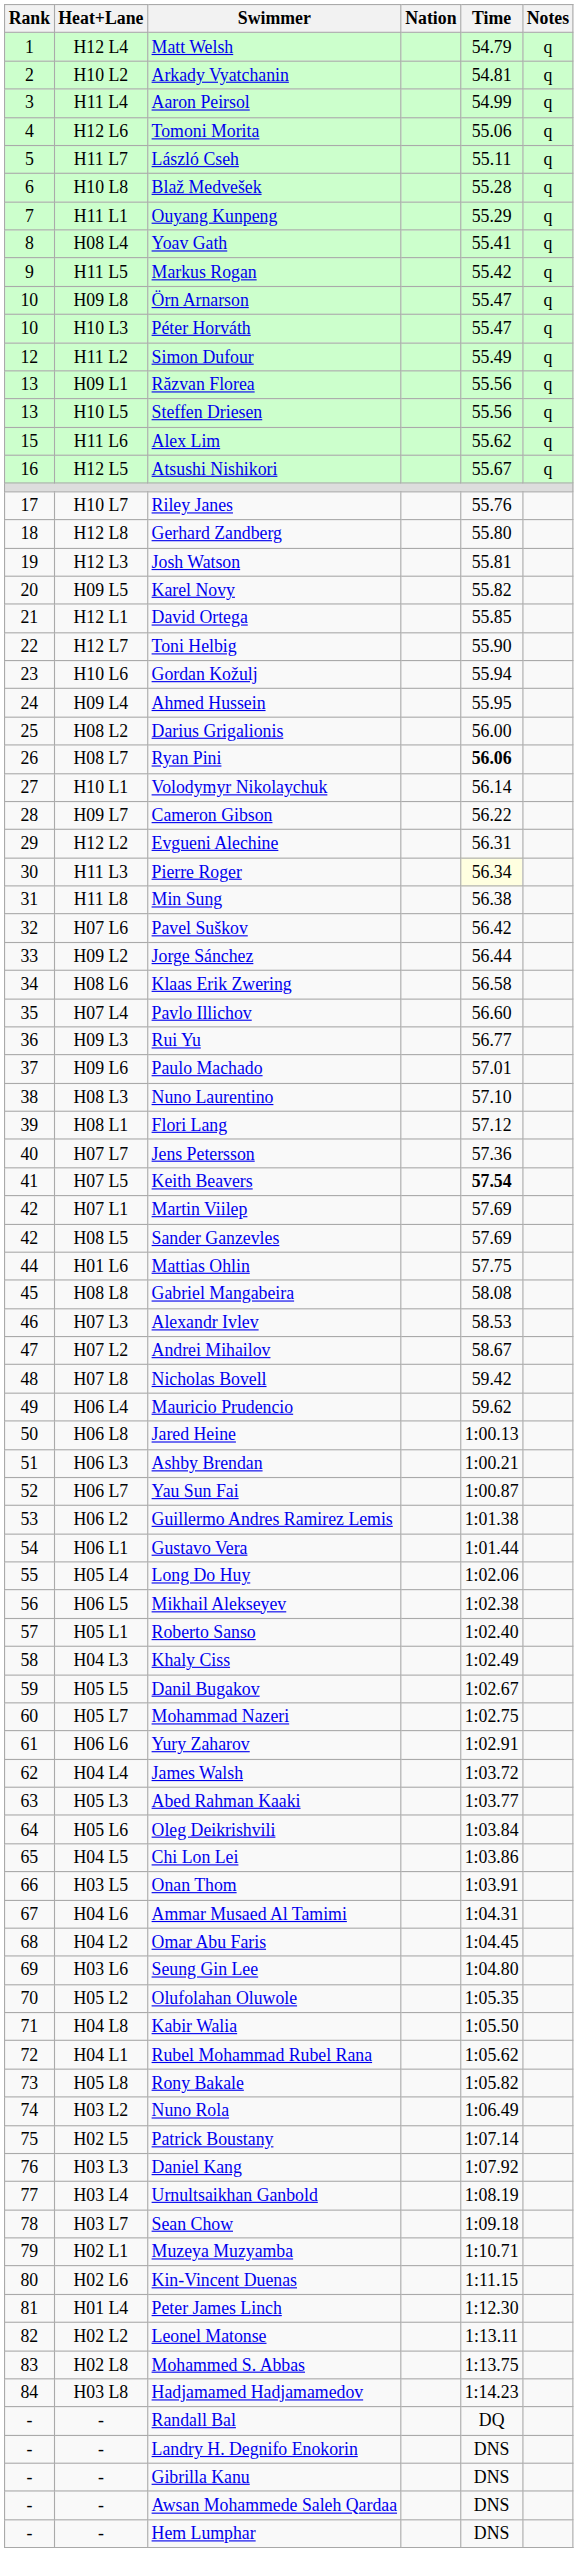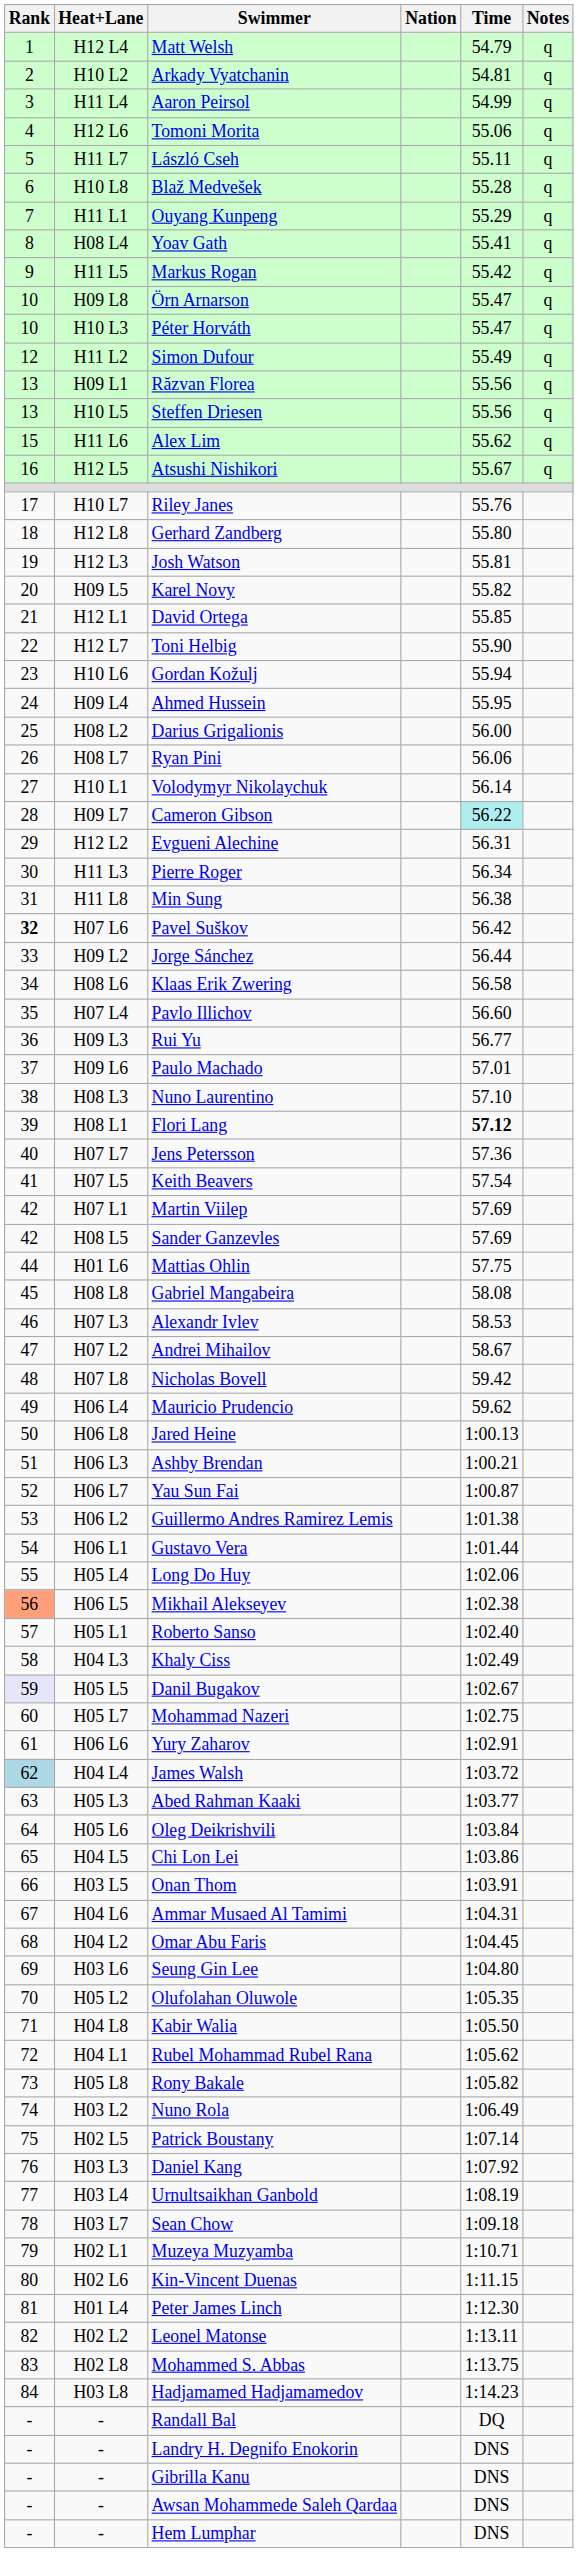 <table class="wikitable sortable" style="text-align:center">
 <tr>
 <th>Rank</th>
 <th>Heat+Lane</th>
 <th>Swimmer</th>
 <th>Nation</th>
 <th>Time</th>
 <th>Notes</th>
 </tr>
 <tr bgcolor=ccffcc>
 <td>1</td>
 <td>H12 L4</td>
 <td align=left><a href='#'>Matt Welsh</a></td>
 <td align=left></td>
 <td>54.79</td>
 <td>q</td>
 </tr>
 <tr bgcolor=ccffcc>
 <td>2</td>
 <td>H10 L2</td>
 <td align=left><a href='#'>Arkady Vyatchanin</a></td>
 <td align=left></td>
 <td>54.81</td>
 <td>q</td>
 </tr>
 <tr bgcolor=ccffcc>
 <td>3</td>
 <td>H11 L4</td>
 <td align=left><a href='#'>Aaron Peirsol</a></td>
 <td align=left></td>
 <td>54.99</td>
 <td>q</td>
 </tr>
 <tr bgcolor=ccffcc>
 <td>4</td>
 <td>H12 L6</td>
 <td align=left><a href='#'>Tomoni Morita</a></td>
 <td align=left></td>
 <td>55.06</td>
 <td>q</td>
 </tr>
 <tr bgcolor=ccffcc>
 <td>5</td>
 <td>H11 L7</td>
 <td align=left><a href='#'>László Cseh</a></td>
 <td align=left></td>
 <td>55.11</td>
 <td>q</td>
 </tr>
 <tr bgcolor=ccffcc>
 <td>6</td>
 <td>H10 L8</td>
 <td align=left><a href='#'>Blaž Medvešek</a></td>
 <td align=left></td>
 <td>55.28</td>
 <td>q</td>
 </tr>
 <tr bgcolor=ccffcc>
 <td>7</td>
 <td>H11 L1</td>
 <td align=left><a href='#'>Ouyang Kunpeng</a></td>
 <td align=left></td>
 <td>55.29</td>
 <td>q</td>
 </tr>
 <tr bgcolor=ccffcc>
 <td>8</td>
 <td>H08 L4</td>
 <td align=left><a href='#'>Yoav Gath</a></td>
 <td align=left></td>
 <td>55.41</td>
 <td>q</td>
 </tr>
 <tr bgcolor=ccffcc>
 <td>9</td>
 <td>H11 L5</td>
 <td align=left><a href='#'>Markus Rogan</a></td>
 <td align=left></td>
 <td>55.42</td>
 <td>q</td>
 </tr>
 <tr bgcolor=ccffcc>
 <td>10</td>
 <td>H09 L8</td>
 <td align=left><a href='#'>Örn Arnarson</a></td>
 <td align=left></td>
 <td>55.47</td>
 <td>q</td>
 </tr>
 <tr bgcolor=ccffcc>
 <td>10</td>
 <td>H10 L3</td>
 <td align=left><a href='#'>Péter Horváth</a></td>
 <td align=left></td>
 <td>55.47</td>
 <td>q</td>
 </tr>
 <tr bgcolor=ccffcc>
 <td>12</td>
 <td>H11 L2</td>
 <td align=left><a href='#'>Simon Dufour</a></td>
 <td align=left></td>
 <td>55.49</td>
 <td>q</td>
 </tr>
 <tr bgcolor=ccffcc>
 <td>13</td>
 <td>H09 L1</td>
 <td align=left><a href='#'>Răzvan Florea</a></td>
 <td align=left></td>
 <td>55.56</td>
 <td>q</td>
 </tr>
 <tr bgcolor=ccffcc>
 <td>13</td>
 <td>H10 L5</td>
 <td align=left><a href='#'>Steffen Driesen</a></td>
 <td align=left></td>
 <td>55.56</td>
 <td>q</td>
 </tr>
 <tr bgcolor=ccffcc>
 <td>15</td>
 <td>H11 L6</td>
 <td align=left><a href='#'>Alex Lim</a></td>
 <td align=left></td>
 <td>55.62</td>
 <td>q</td>
 </tr>
 <tr bgcolor=ccffcc>
 <td>16</td>
 <td>H12 L5</td>
 <td align=left><a href='#'>Atsushi Nishikori</a></td>
 <td align=left></td>
 <td>55.67</td>
 <td>q</td>
 </tr>
 <tr bgcolor=#DDDDDD>
 <td colspan=6></td>
 </tr>
 <tr>
 <td>17</td>
 <td>H10 L7</td>
 <td align=left><a href='#'>Riley Janes</a></td>
 <td align=left></td>
 <td>55.76</td>
 <td></td>
 </tr>
 <tr>
 <td>18</td>
 <td>H12 L8</td>
 <td align=left><a href='#'>Gerhard Zandberg</a></td>
 <td align=left></td>
 <td>55.80</td>
 <td></td>
 </tr>
 <tr>
 <td>19</td>
 <td>H12 L3</td>
 <td align=left><a href='#'>Josh Watson</a></td>
 <td align=left></td>
 <td>55.81</td>
 <td></td>
 </tr>
 <tr>
 <td>20</td>
 <td>H09 L5</td>
 <td align=left><a href='#'>Karel Novy</a></td>
 <td align=left></td>
 <td>55.82</td>
 <td></td>
 </tr>
 <tr>
 <td>21</td>
 <td>H12 L1</td>
 <td align=left><a href='#'>David Ortega</a></td>
 <td align=left></td>
 <td>55.85</td>
 <td></td>
 </tr>
 <tr>
 <td>22</td>
 <td>H12 L7</td>
 <td align=left><a href='#'>Toni Helbig</a></td>
 <td align=left></td>
 <td>55.90</td>
 <td></td>
 </tr>
 <tr>
 <td>23</td>
 <td>H10 L6</td>
 <td align=left><a href='#'>Gordan Kožulj</a></td>
 <td align=left></td>
 <td>55.94</td>
 <td></td>
 </tr>
 <tr>
 <td>24</td>
 <td>H09 L4</td>
 <td align=left><a href='#'>Ahmed Hussein</a></td>
 <td align=left></td>
 <td>55.95</td>
 <td></td>
 </tr>
 <tr>
 <td>25</td>
 <td>H08 L2</td>
 <td align=left><a href='#'>Darius Grigalionis</a></td>
 <td align=left></td>
 <td>56.00</td>
 <td></td>
 </tr>
 <tr>
 <td>26</td>
 <td>H08 L7</td>
 <td align=left><a href='#'>Ryan Pini</a></td>
 <td align=left></td>
-<td><strong>56.06</strong></td>
+<td>56.06</td>
 <td></td>
 </tr>
 <tr>
 <td>27</td>
 <td>H10 L1</td>
 <td align=left><a href='#'>Volodymyr Nikolaychuk</a></td>
 <td align=left></td>
 <td>56.14</td>
 <td></td>
 </tr>
 <tr>
 <td>28</td>
 <td>H09 L7</td>
 <td align=left><a href='#'>Cameron Gibson</a></td>
 <td align=left></td>
-<td>56.22</td>
+<td style="background: paleturquoise;">56.22</td>
 <td></td>
 </tr>
 <tr>
 <td>29</td>
 <td>H12 L2</td>
 <td align=left><a href='#'>Evgueni Alechine</a></td>
 <td align=left></td>
 <td>56.31</td>
 <td></td>
 </tr>
 <tr>
 <td>30</td>
 <td>H11 L3</td>
 <td align=left><a href='#'>Pierre Roger</a></td>
 <td align=left></td>
-<td style="background: lightyellow;">56.34</td>
+<td>56.34</td>
 <td></td>
 </tr>
 <tr>
 <td>31</td>
 <td>H11 L8</td>
 <td align=left><a href='#'>Min Sung</a></td>
 <td align=left></td>
 <td>56.38</td>
 <td></td>
 </tr>
 <tr>
-<td>32</td>
+<td><strong>32</strong></td>
 <td>H07 L6</td>
 <td align=left><a href='#'>Pavel Suškov</a></td>
 <td align=left></td>
 <td>56.42</td>
 <td></td>
 </tr>
 <tr>
 <td>33</td>
 <td>H09 L2</td>
 <td align=left><a href='#'>Jorge Sánchez</a></td>
 <td align=left></td>
 <td>56.44</td>
 <td></td>
 </tr>
 <tr>
 <td>34</td>
 <td>H08 L6</td>
 <td align=left><a href='#'>Klaas Erik Zwering</a></td>
 <td align=left></td>
 <td>56.58</td>
 <td></td>
 </tr>
 <tr>
 <td>35</td>
 <td>H07 L4</td>
 <td align=left><a href='#'>Pavlo Illichov</a></td>
 <td align=left></td>
 <td>56.60</td>
 <td></td>
 </tr>
 <tr>
 <td>36</td>
 <td>H09 L3</td>
 <td align=left><a href='#'>Rui Yu</a></td>
 <td align=left></td>
 <td>56.77</td>
 <td></td>
 </tr>
 <tr>
 <td>37</td>
 <td>H09 L6</td>
 <td align=left><a href='#'>Paulo Machado</a></td>
 <td align=left></td>
 <td>57.01</td>
 <td></td>
 </tr>
 <tr>
 <td>38</td>
 <td>H08 L3</td>
 <td align=left><a href='#'>Nuno Laurentino</a></td>
 <td align=left></td>
 <td>57.10</td>
 <td></td>
 </tr>
 <tr>
 <td>39</td>
 <td>H08 L1</td>
 <td align=left><a href='#'>Flori Lang</a></td>
 <td align=left></td>
-<td>57.12</td>
+<td><strong>57.12</strong></td>
 <td></td>
 </tr>
 <tr>
 <td>40</td>
 <td>H07 L7</td>
 <td align=left><a href='#'>Jens Petersson</a></td>
 <td align=left></td>
 <td>57.36</td>
 <td></td>
 </tr>
 <tr>
 <td>41</td>
 <td>H07 L5</td>
 <td align=left><a href='#'>Keith Beavers</a></td>
 <td align=left></td>
-<td><strong>57.54</strong></td>
+<td>57.54</td>
 <td></td>
 </tr>
 <tr>
 <td>42</td>
 <td>H07 L1</td>
 <td align=left><a href='#'>Martin Viilep</a></td>
 <td align=left></td>
 <td>57.69</td>
 <td></td>
 </tr>
 <tr>
 <td>42</td>
 <td>H08 L5</td>
 <td align=left><a href='#'>Sander Ganzevles</a></td>
 <td align=left></td>
 <td>57.69</td>
 <td></td>
 </tr>
 <tr>
 <td>44</td>
 <td>H01 L6</td>
 <td align=left><a href='#'>Mattias Ohlin</a></td>
 <td align=left></td>
 <td>57.75</td>
 <td></td>
 </tr>
 <tr>
 <td>45</td>
 <td>H08 L8</td>
 <td align=left><a href='#'>Gabriel Mangabeira</a></td>
 <td align=left></td>
 <td>58.08</td>
 <td></td>
 </tr>
 <tr>
 <td>46</td>
 <td>H07 L3</td>
 <td align=left><a href='#'>Alexandr Ivlev</a></td>
 <td align=left></td>
 <td>58.53</td>
 <td></td>
 </tr>
 <tr>
 <td>47</td>
 <td>H07 L2</td>
 <td align=left><a href='#'>Andrei Mihailov</a></td>
 <td align=left></td>
 <td>58.67</td>
 <td></td>
 </tr>
 <tr>
 <td>48</td>
 <td>H07 L8</td>
 <td align=left><a href='#'>Nicholas Bovell</a></td>
 <td align=left></td>
 <td>59.42</td>
 <td></td>
 </tr>
 <tr>
 <td>49</td>
 <td>H06 L4</td>
 <td align=left><a href='#'>Mauricio Prudencio</a></td>
 <td align=left></td>
 <td>59.62</td>
 <td></td>
 </tr>
 <tr>
 <td>50</td>
 <td>H06 L8</td>
 <td align=left><a href='#'>Jared Heine</a></td>
 <td align=left></td>
 <td>1:00.13</td>
 <td></td>
 </tr>
 <tr>
 <td>51</td>
 <td>H06 L3</td>
 <td align=left><a href='#'>Ashby Brendan</a></td>
 <td align=left></td>
 <td>1:00.21</td>
 <td></td>
 </tr>
 <tr>
 <td>52</td>
 <td>H06 L7</td>
 <td align=left><a href='#'>Yau Sun Fai</a></td>
 <td align=left></td>
 <td>1:00.87</td>
 <td></td>
 </tr>
 <tr>
 <td>53</td>
 <td>H06 L2</td>
 <td align=left><a href='#'>Guillermo Andres Ramirez Lemis</a></td>
 <td align=left></td>
 <td>1:01.38</td>
 <td></td>
 </tr>
 <tr>
 <td>54</td>
 <td>H06 L1</td>
 <td align=left><a href='#'>Gustavo Vera</a></td>
 <td align=left></td>
 <td>1:01.44</td>
 <td></td>
 </tr>
 <tr>
 <td>55</td>
 <td>H05 L4</td>
 <td align=left><a href='#'>Long Do Huy</a></td>
 <td align=left></td>
 <td>1:02.06</td>
 <td></td>
 </tr>
 <tr>
-<td>56</td>
+<td style="background: lightsalmon;">56</td>
 <td>H06 L5</td>
 <td align=left><a href='#'>Mikhail Alekseyev</a></td>
 <td align=left></td>
 <td>1:02.38</td>
 <td></td>
 </tr>
 <tr>
 <td>57</td>
 <td>H05 L1</td>
 <td align=left><a href='#'>Roberto Sanso</a></td>
 <td align=left></td>
 <td>1:02.40</td>
 <td></td>
 </tr>
 <tr>
 <td>58</td>
 <td>H04 L3</td>
 <td align=left><a href='#'>Khaly Ciss</a></td>
 <td align=left></td>
 <td>1:02.49</td>
 <td></td>
 </tr>
 <tr>
-<td>59</td>
+<td style="background: lavender;">59</td>
 <td>H05 L5</td>
 <td align=left><a href='#'>Danil Bugakov</a></td>
 <td align=left></td>
 <td>1:02.67</td>
 <td></td>
 </tr>
 <tr>
 <td>60</td>
 <td>H05 L7</td>
 <td align=left><a href='#'>Mohammad Nazeri</a></td>
 <td align=left></td>
 <td>1:02.75</td>
 <td></td>
 </tr>
 <tr>
 <td>61</td>
 <td>H06 L6</td>
 <td align=left><a href='#'>Yury Zaharov</a></td>
 <td align=left></td>
 <td>1:02.91</td>
 <td></td>
 </tr>
 <tr>
-<td>62</td>
+<td style="background: lightblue;">62</td>
 <td>H04 L4</td>
 <td align=left><a href='#'>James Walsh</a></td>
 <td align=left></td>
 <td>1:03.72</td>
 <td></td>
 </tr>
 <tr>
 <td>63</td>
 <td>H05 L3</td>
 <td align=left><a href='#'>Abed Rahman Kaaki</a></td>
 <td align=left></td>
 <td>1:03.77</td>
 <td></td>
 </tr>
 <tr>
 <td>64</td>
 <td>H05 L6</td>
 <td align=left><a href='#'>Oleg Deikrishvili</a></td>
 <td align=left></td>
 <td>1:03.84</td>
 <td></td>
 </tr>
 <tr>
 <td>65</td>
 <td>H04 L5</td>
 <td align=left><a href='#'>Chi Lon Lei</a></td>
 <td align=left></td>
 <td>1:03.86</td>
 <td></td>
 </tr>
 <tr>
 <td>66</td>
 <td>H03 L5</td>
 <td align=left><a href='#'>Onan Thom</a></td>
 <td align=left></td>
 <td>1:03.91</td>
 <td></td>
 </tr>
 <tr>
 <td>67</td>
 <td>H04 L6</td>
 <td align=left><a href='#'>Ammar Musaed Al Tamimi</a></td>
 <td align=left></td>
 <td>1:04.31</td>
 <td></td>
 </tr>
 <tr>
 <td>68</td>
 <td>H04 L2</td>
 <td align=left><a href='#'>Omar Abu Faris</a></td>
 <td align=left></td>
 <td>1:04.45</td>
 <td></td>
 </tr>
 <tr>
 <td>69</td>
 <td>H03 L6</td>
 <td align=left><a href='#'>Seung Gin Lee</a></td>
 <td align=left></td>
 <td>1:04.80</td>
 <td></td>
 </tr>
 <tr>
 <td>70</td>
 <td>H05 L2</td>
 <td align=left><a href='#'>Olufolahan Oluwole</a></td>
 <td align=left></td>
 <td>1:05.35</td>
 <td></td>
 </tr>
 <tr>
 <td>71</td>
 <td>H04 L8</td>
 <td align=left><a href='#'>Kabir Walia</a></td>
 <td align=left></td>
 <td>1:05.50</td>
 <td></td>
 </tr>
 <tr>
 <td>72</td>
 <td>H04 L1</td>
 <td align=left><a href='#'>Rubel Mohammad Rubel Rana</a></td>
 <td align=left></td>
 <td>1:05.62</td>
 <td></td>
 </tr>
 <tr>
 <td>73</td>
 <td>H05 L8</td>
 <td align=left><a href='#'>Rony Bakale</a></td>
 <td align=left></td>
 <td>1:05.82</td>
 <td></td>
 </tr>
 <tr>
 <td>74</td>
 <td>H03 L2</td>
 <td align=left><a href='#'>Nuno Rola</a></td>
 <td align=left></td>
 <td>1:06.49</td>
 <td></td>
 </tr>
 <tr>
 <td>75</td>
 <td>H02 L5</td>
 <td align=left><a href='#'>Patrick Boustany</a></td>
 <td align=left></td>
 <td>1:07.14</td>
 <td></td>
 </tr>
 <tr>
 <td>76</td>
 <td>H03 L3</td>
 <td align=left><a href='#'>Daniel Kang</a></td>
 <td align=left></td>
 <td>1:07.92</td>
 <td></td>
 </tr>
 <tr>
 <td>77</td>
 <td>H03 L4</td>
 <td align=left><a href='#'>Urnultsaikhan Ganbold</a></td>
 <td align=left></td>
 <td>1:08.19</td>
 <td></td>
 </tr>
 <tr>
 <td>78</td>
 <td>H03 L7</td>
 <td align=left><a href='#'>Sean Chow</a></td>
 <td align=left></td>
 <td>1:09.18</td>
 <td></td>
 </tr>
 <tr>
 <td>79</td>
 <td>H02 L1</td>
 <td align=left><a href='#'>Muzeya Muzyamba</a></td>
 <td align=left></td>
 <td>1:10.71</td>
 <td></td>
 </tr>
 <tr>
 <td>80</td>
 <td>H02 L6</td>
 <td align=left><a href='#'>Kin-Vincent Duenas</a></td>
 <td align=left></td>
 <td>1:11.15</td>
 <td></td>
 </tr>
 <tr>
 <td>81</td>
 <td>H01 L4</td>
 <td align=left><a href='#'>Peter James Linch</a></td>
 <td align=left></td>
 <td>1:12.30</td>
 <td></td>
 </tr>
 <tr>
 <td>82</td>
 <td>H02 L2</td>
 <td align=left><a href='#'>Leonel Matonse</a></td>
 <td align=left></td>
 <td>1:13.11</td>
 <td></td>
 </tr>
 <tr>
 <td>83</td>
 <td>H02 L8</td>
 <td align=left><a href='#'>Mohammed S. Abbas</a></td>
 <td align=left></td>
 <td>1:13.75</td>
 <td></td>
 </tr>
 <tr>
 <td>84</td>
 <td>H03 L8</td>
 <td align=left><a href='#'>Hadjamamed Hadjamamedov</a></td>
 <td align=left></td>
 <td>1:14.23</td>
 <td></td>
 </tr>
 <tr>
 <td>-</td>
 <td>-</td>
 <td align=left><a href='#'>Randall Bal</a></td>
 <td align=left></td>
 <td>DQ</td>
 <td></td>
 </tr>
 <tr>
 <td>-</td>
 <td>-</td>
 <td align=left><a href='#'>Landry H. Degnifo Enokorin</a></td>
 <td align=left></td>
 <td>DNS</td>
 <td></td>
 </tr>
 <tr>
 <td>-</td>
 <td>-</td>
 <td align=left><a href='#'>Gibrilla Kanu</a></td>
 <td align=left></td>
 <td>DNS</td>
 <td></td>
 </tr>
 <tr>
 <td>-</td>
 <td>-</td>
 <td align=left><a href='#'>Awsan Mohammede Saleh Qardaa</a></td>
 <td align=left></td>
 <td>DNS</td>
 <td></td>
 </tr>
 <tr>
 <td>-</td>
 <td>-</td>
 <td align=left><a href='#'>Hem Lumphar</a></td>
 <td align=left></td>
 <td>DNS</td>
 <td></td>
 </tr>
 <tr>
 </tr>
 </table>
